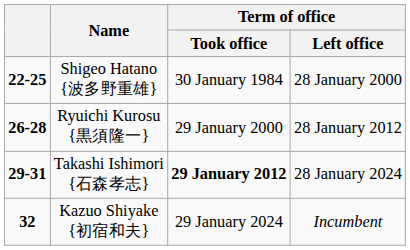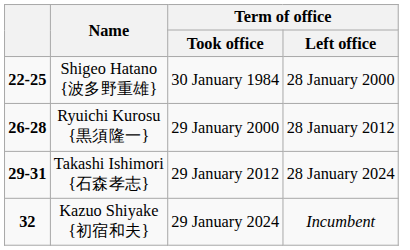 <table class="wikitable" style="text-align:center">
 <tr>
 <th rowspan=2></th>
 <th rowspan=2>Name</th>
 <th colspan=2>Term of office</th>
 </tr>
 <tr>
 <th>Took office</th>
 <th>Left office</th>
 </tr>
 <tr>
 <td><strong>22-25</strong></td>
 <td>Shigeo Hatano<br>{波多野重雄}<br></td>
 <td>30 January 1984</td>
 <td>28 January 2000</td>
 </tr>
 <tr>
 <td><strong>26-28</strong></td>
 <td>Ryuichi Kurosu<br>{黒須隆一}<br></td>
 <td>29 January 2000</td>
 <td>28 January 2012</td>
 </tr>
 <tr>
 <td><strong>29-31</strong></td>
 <td>Takashi Ishimori<br>{石森孝志}<br></td>
-<td><strong>29 January 2012</strong></td>
+<td>29 January 2012</td>
 <td>28 January 2024</td>
 </tr>
 <tr>
 <td><strong>32</strong></td>
 <td>Kazuo Shiyake<br>{初宿和夫}<br></td>
 <td>29 January 2024</td>
 <td><em>Incumbent</em></td>
 </tr>
 </table>
